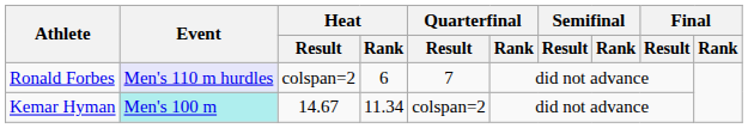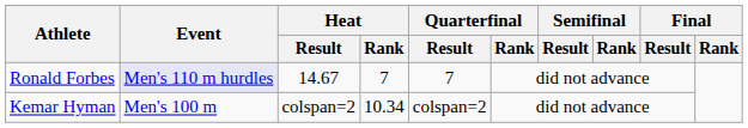 <table class="wikitable" style="font-size:90%">
 <tr>
 <th rowspan="2">Athlete</th>
 <th rowspan="2">Event</th>
 <th colspan="2">Heat</th>
 <th colspan="2">Quarterfinal</th>
 <th colspan="2">Semifinal</th>
 <th colspan="2">Final</th>
 </tr>
 <tr style="font-size:95%">
 <th>Result</th>
 <th>Rank</th>
 <th>Result</th>
 <th>Rank</th>
 <th>Result</th>
 <th>Rank</th>
 <th>Result</th>
 <th>Rank</th>
 </tr>
 <tr align=center>
 <td align=left><a href='#'>Ronald Forbes</a></td>
 <td align=left style="background: lavender;"><a href='#'>Men's 110 m hurdles</a></td>
-<td>colspan=2 </td>
-<td>6</td>
+<td>14.67</td>
+<td>7</td>
 <td>7</td>
 <td colspan=4>did not advance</td>
 </tr>
 <tr align=center>
 <td align=left><a href='#'>Kemar Hyman</a></td>
-<td align=left style="background: paleturquoise;"><a href='#'>Men's 100 m</a></td>
-<td>14.67</td>
-<td>11.34</td>
+<td align=left><a href='#'>Men's 100 m</a></td>
+<td>colspan=2 </td>
+<td>10.34</td>
 <td>colspan=2 </td>
 <td colspan=4>did not advance</td>
 </tr>
 </table>
